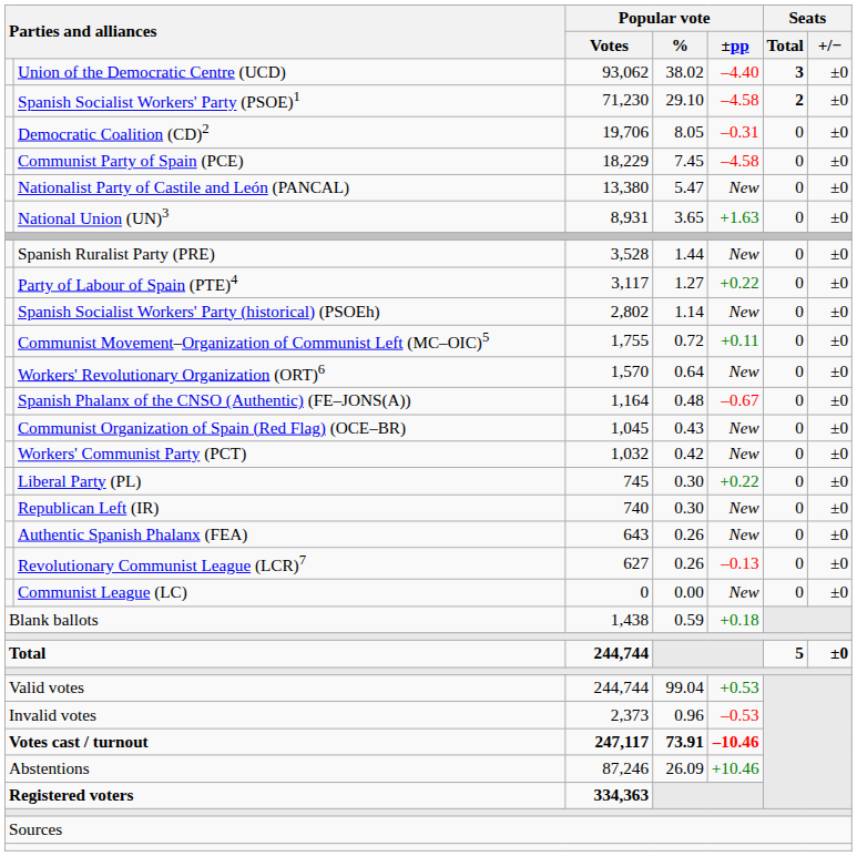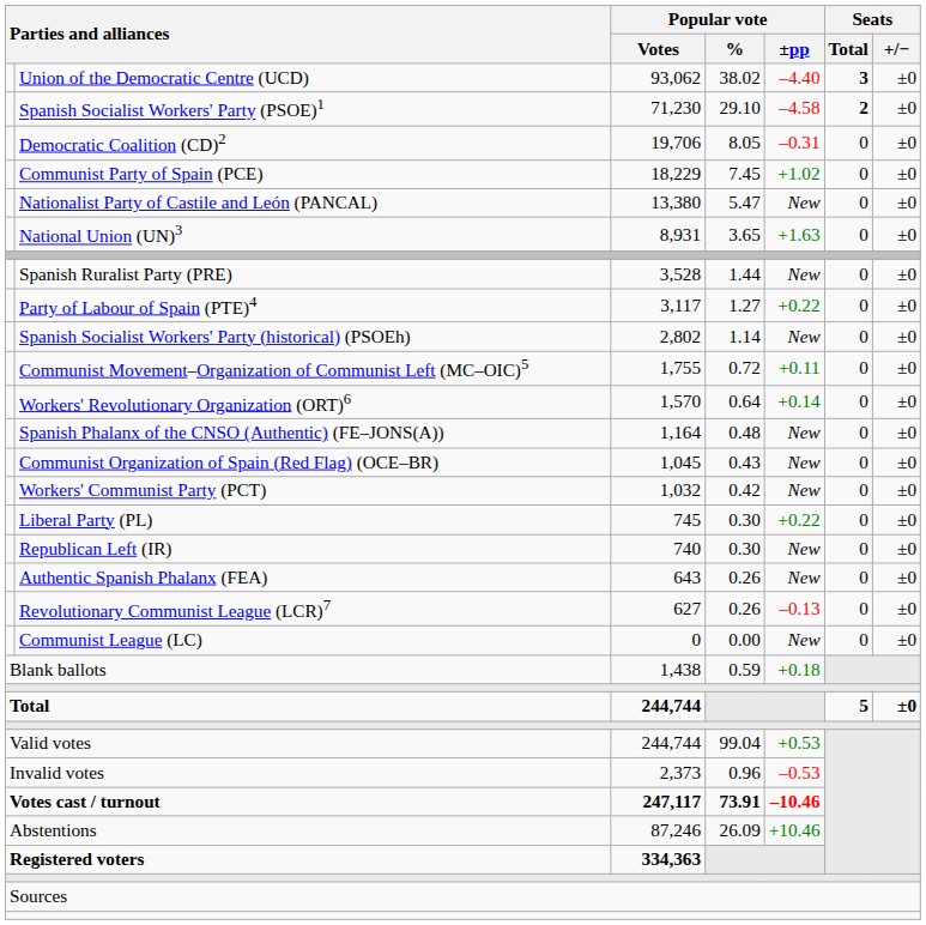 <table class="wikitable" style="text-align:right;">
 <tr>
 <th style="text-align:left;" rowspan="2" colspan="2" width="525">Parties and alliances</th>
 <th colspan="3">Popular vote</th>
 <th colspan="2">Seats</th>
 </tr>
 <tr>
 <th width="75">Votes</th>
 <th width="45">%</th>
 <th width="45">±<a href='#'>pp</a></th>
 <th width="35">Total</th>
 <th width="35">+/−</th>
 </tr>
 <tr>
 <td width="1" style="color:inherit;background:"></td>
 <td align="left"><a href='#'>Union of the Democratic Centre</a> (UCD)</td>
 <td>93,062</td>
 <td>38.02</td>
 <td style="color:red;">–4.40</td>
 <td><strong>3</strong></td>
 <td>±0</td>
 </tr>
 <tr>
 <td style="color:inherit;background:"></td>
 <td align="left"><a href='#'>Spanish Socialist Workers' Party</a> (PSOE)<sup>1</sup></td>
 <td>71,230</td>
 <td>29.10</td>
 <td style="color:red;">–4.58</td>
 <td><strong>2</strong></td>
 <td>±0</td>
 </tr>
 <tr>
 <td style="color:inherit;background:"></td>
 <td align="left"><a href='#'>Democratic Coalition</a> (CD)<sup>2</sup></td>
 <td>19,706</td>
 <td>8.05</td>
 <td style="color:red;">–0.31</td>
 <td>0</td>
 <td>±0</td>
 </tr>
 <tr>
 <td style="color:inherit;background:"></td>
 <td align="left"><a href='#'>Communist Party of Spain</a> (PCE)</td>
 <td>18,229</td>
 <td>7.45</td>
-<td style="color:red;">–4.58</td>
+<td style="color:green;">+1.02</td>
 <td>0</td>
 <td>±0</td>
 </tr>
 <tr>
 <td style="color:inherit;background:"></td>
 <td align="left"><a href='#'>Nationalist Party of Castile and León</a> (PANCAL)</td>
 <td>13,380</td>
 <td>5.47</td>
 <td><em>New</em></td>
 <td>0</td>
 <td>±0</td>
 </tr>
 <tr>
 <td style="color:inherit;background:"></td>
 <td align="left"><a href='#'>National Union</a> (UN)<sup>3</sup></td>
 <td>8,931</td>
 <td>3.65</td>
 <td style="color:green;">+1.63</td>
 <td>0</td>
 <td>±0</td>
 </tr>
 <tr>
 <td colspan="7" bgcolor="#C0C0C0"></td>
 </tr>
 <tr>
 <td style="color:inherit;background:"></td>
 <td align="left">Spanish Ruralist Party (PRE)</td>
 <td>3,528</td>
 <td>1.44</td>
 <td><em>New</em></td>
 <td>0</td>
 <td>±0</td>
 </tr>
 <tr>
 <td style="color:inherit;background:"></td>
 <td align="left"><a href='#'>Party of Labour of Spain</a> (PTE)<sup>4</sup></td>
 <td>3,117</td>
 <td>1.27</td>
 <td style="color:green;">+0.22</td>
 <td>0</td>
 <td>±0</td>
 </tr>
 <tr>
 <td style="color:inherit;background:"></td>
 <td align="left"><a href='#'>Spanish Socialist Workers' Party (historical)</a> (PSOEh)</td>
 <td>2,802</td>
 <td>1.14</td>
 <td><em>New</em></td>
 <td>0</td>
 <td>±0</td>
 </tr>
 <tr>
 <td style="color:inherit;background:"></td>
 <td align="left"><a href='#'>Communist Movement</a>–<a href='#'>Organization of Communist Left</a> (MC–OIC)<sup>5</sup></td>
 <td>1,755</td>
 <td>0.72</td>
 <td style="color:green;">+0.11</td>
 <td>0</td>
 <td>±0</td>
 </tr>
 <tr>
 <td style="color:inherit;background:"></td>
 <td align="left"><a href='#'>Workers' Revolutionary Organization</a> (ORT)<sup>6</sup></td>
 <td>1,570</td>
 <td>0.64</td>
-<td><em>New</em></td>
+<td style="color:green;">+0.14</td>
 <td>0</td>
 <td>±0</td>
 </tr>
 <tr>
 <td style="color:inherit;background:"></td>
 <td align="left"><a href='#'>Spanish Phalanx of the CNSO (Authentic)</a> (FE–JONS(A))</td>
 <td>1,164</td>
 <td>0.48</td>
-<td style="color:red;">–0.67</td>
+<td><em>New</em></td>
 <td>0</td>
 <td>±0</td>
 </tr>
 <tr>
 <td style="color:inherit;background:"></td>
 <td align="left"><a href='#'>Communist Organization of Spain (Red Flag)</a> (OCE–BR)</td>
 <td>1,045</td>
 <td>0.43</td>
 <td><em>New</em></td>
 <td>0</td>
 <td>±0</td>
 </tr>
 <tr>
 <td style="color:inherit;background:"></td>
 <td align="left"><a href='#'>Workers' Communist Party</a> (PCT)</td>
 <td>1,032</td>
 <td>0.42</td>
 <td><em>New</em></td>
 <td>0</td>
 <td>±0</td>
 </tr>
 <tr>
 <td style="color:inherit;background:"></td>
 <td align="left"><a href='#'>Liberal Party</a> (PL)</td>
 <td>745</td>
 <td>0.30</td>
 <td style="color:green;">+0.22</td>
 <td>0</td>
 <td>±0</td>
 </tr>
 <tr>
 <td style="color:inherit;background:"></td>
 <td align="left"><a href='#'>Republican Left</a> (IR)</td>
 <td>740</td>
 <td>0.30</td>
 <td><em>New</em></td>
 <td>0</td>
 <td>±0</td>
 </tr>
 <tr>
 <td style="color:inherit;background:"></td>
 <td align="left"><a href='#'>Authentic Spanish Phalanx</a> (FEA)</td>
 <td>643</td>
 <td>0.26</td>
 <td><em>New</em></td>
 <td>0</td>
 <td>±0</td>
 </tr>
 <tr>
 <td style="color:inherit;background:"></td>
 <td align="left"><a href='#'>Revolutionary Communist League</a> (LCR)<sup>7</sup></td>
 <td>627</td>
 <td>0.26</td>
 <td style="color:red;">–0.13</td>
 <td>0</td>
 <td>±0</td>
 </tr>
 <tr>
 <td style="color:inherit;background:"></td>
 <td align="left"><a href='#'>Communist League</a> (LC)</td>
 <td>0</td>
 <td>0.00</td>
 <td><em>New</em></td>
 <td>0</td>
 <td>±0</td>
 </tr>
 <tr>
 <td align="left" colspan="2">Blank ballots</td>
 <td>1,438</td>
 <td>0.59</td>
 <td style="color:green;">+0.18</td>
 <td bgcolor="#E9E9E9" colspan="2"></td>
 </tr>
 <tr>
 <td colspan="7" bgcolor="#E9E9E9"></td>
 </tr>
 <tr style="font-weight:bold;">
 <td align="left" colspan="2">Total</td>
 <td>244,744</td>
 <td bgcolor="#E9E9E9" colspan="2"></td>
 <td>5</td>
 <td>±0</td>
 </tr>
 <tr>
 <td colspan="7" bgcolor="#E9E9E9"></td>
 </tr>
 <tr>
 <td align="left" colspan="2">Valid votes</td>
 <td>244,744</td>
 <td>99.04</td>
 <td style="color:green;">+0.53</td>
 <td bgcolor="#E9E9E9" colspan="2" rowspan="5"></td>
 </tr>
 <tr>
 <td align="left" colspan="2">Invalid votes</td>
 <td>2,373</td>
 <td>0.96</td>
 <td style="color:red;">–0.53</td>
 </tr>
 <tr style="font-weight:bold;">
 <td align="left" colspan="2">Votes cast / turnout</td>
 <td>247,117</td>
 <td>73.91</td>
 <td style="color:red;">–10.46</td>
 </tr>
 <tr>
 <td align="left" colspan="2">Abstentions</td>
 <td>87,246</td>
 <td>26.09</td>
 <td style="color:green;">+10.46</td>
 </tr>
 <tr style="font-weight:bold;">
 <td align="left" colspan="2">Registered voters</td>
 <td>334,363</td>
 <td bgcolor="#E9E9E9" colspan="2"></td>
 </tr>
 <tr>
 <td colspan="7" bgcolor="#E9E9E9"></td>
 </tr>
 <tr>
 <td align="left" colspan="7">Sources</td>
 </tr>
 <tr>
 <td colspan="7" style="text-align:left; max-width:790px;"></td>
 </tr>
 </table>
